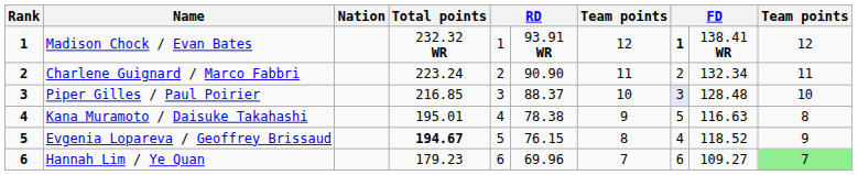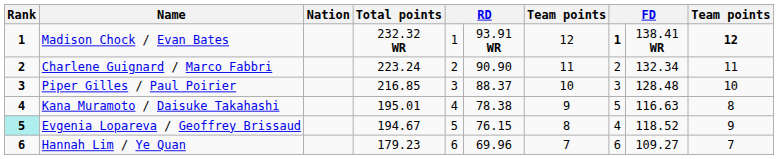 <table class="wikitable sortable">
 <tr>
 <th>Rank</th>
 <th>Name</th>
 <th>Nation</th>
 <th>Total points</th>
 <th colspan="2" width="80px"><a href='#'>RD</a></th>
 <th>Team points</th>
 <th colspan="2" width="80px"><a href='#'>FD</a></th>
 <th>Team points</th>
 </tr>
 <tr>
 <td style="text-align: center;"><strong>1</strong></td>
 <td><a href='#'>Madison Chock</a> / <a href='#'>Evan Bates</a></td>
 <td></td>
 <td style="text-align: center;">232.32 <br> <strong>WR</strong></td>
 <td style="text-align: center;">1</td>
 <td style="text-align: center;">93.91 <br> <strong>WR</strong></td>
 <td style="text-align: center;">12</td>
 <td style="text-align: center;"><strong>1</strong></td>
 <td style="text-align: center;">138.41 <br> <strong>WR</strong></td>
-<td style="text-align: center;">12</td>
+<td style="text-align: center;"><strong>12</strong></td>
 </tr>
 <tr>
 <td style="text-align: center;"><strong>2</strong></td>
 <td><a href='#'>Charlene Guignard</a> / <a href='#'>Marco Fabbri</a></td>
 <td></td>
 <td style="text-align: center;">223.24</td>
 <td style="text-align: center;">2</td>
 <td style="text-align: center;">90.90</td>
 <td style="text-align: center;">11</td>
 <td style="text-align: center;">2</td>
 <td style="text-align: center;">132.34</td>
 <td style="text-align: center;">11</td>
 </tr>
 <tr>
 <td style="text-align: center;"><strong>3</strong></td>
 <td><a href='#'>Piper Gilles</a> / <a href='#'>Paul Poirier</a></td>
 <td></td>
 <td style="text-align: center;">216.85</td>
 <td style="text-align: center;">3</td>
 <td style="text-align: center;">88.37</td>
 <td style="text-align: center;">10</td>
-<td style="background: lavender; text-align: center;">3</td>
+<td style="text-align: center;">3</td>
 <td style="text-align: center;">128.48</td>
 <td style="text-align: center;">10</td>
 </tr>
 <tr>
 <td style="text-align: center;"><strong>4</strong></td>
 <td><a href='#'>Kana Muramoto</a> / <a href='#'>Daisuke Takahashi</a></td>
 <td></td>
 <td style="text-align: center;">195.01</td>
 <td style="text-align: center;">4</td>
 <td style="text-align: center;">78.38</td>
 <td style="text-align: center;">9</td>
 <td style="text-align: center;">5</td>
 <td style="text-align: center;">116.63</td>
 <td style="text-align: center;">8</td>
 </tr>
 <tr>
-<td style="text-align: center;"><strong>5</strong></td>
+<td style="background: paleturquoise; text-align: center;"><strong>5</strong></td>
 <td><a href='#'>Evgenia Lopareva</a> / <a href='#'>Geoffrey Brissaud</a></td>
 <td></td>
-<td style="text-align: center;"><strong>194.67</strong></td>
+<td style="text-align: center;">194.67</td>
 <td style="text-align: center;">5</td>
 <td style="text-align: center;">76.15</td>
 <td style="text-align: center;">8</td>
 <td style="text-align: center;">4</td>
 <td style="text-align: center;">118.52</td>
 <td style="text-align: center;">9</td>
 </tr>
 <tr>
 <td style="text-align: center;"><strong>6</strong></td>
 <td><a href='#'>Hannah Lim</a> / <a href='#'>Ye Quan</a></td>
 <td></td>
 <td style="text-align: center;">179.23</td>
 <td style="text-align: center;">6</td>
 <td style="text-align: center;">69.96</td>
 <td style="text-align: center;">7</td>
 <td style="text-align: center;">6</td>
 <td style="text-align: center;">109.27</td>
-<td style="background: lightgreen; text-align: center;">7</td>
+<td style="text-align: center;">7</td>
 </tr>
 </table>
